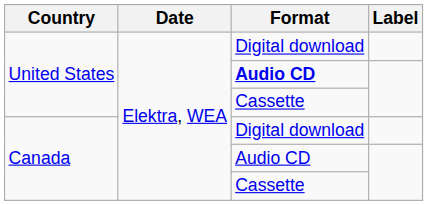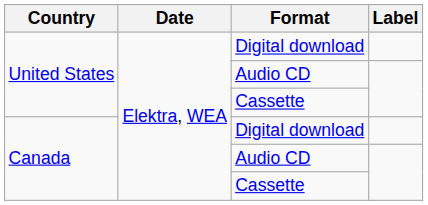 <table class="wikitable plainrowheaders">
 <tr>
 <th scope="col">Country</th>
 <th scope="col">Date</th>
 <th scope="col">Format</th>
 <th scope="col">Label</th>
 </tr>
 <tr>
 <td rowspan="3"><a href='#'>United States</a></td>
 <td rowspan="6"><a href='#'>Elektra</a>, <a href='#'>WEA</a></td>
 <td rowspan="1"><a href='#'>Digital download</a></td>
 <td rowspan="1"></td>
 </tr>
 <tr>
-<td rowspan="1"><strong><a href='#'>Audio CD</a></strong></td>
+<td rowspan="1"><a href='#'>Audio CD</a></td>
 <td rowspan="2"></td>
 </tr>
 <tr>
 <td rowspan="1"><a href='#'>Cassette</a></td>
 </tr>
 <tr>
 <td rowspan="3"><a href='#'>Canada</a></td>
 <td rowspan="1"><a href='#'>Digital download</a></td>
 <td rowspan="1"></td>
 </tr>
 <tr>
 <td rowspan="1"><a href='#'>Audio CD</a></td>
 <td rowspan="2"></td>
 </tr>
 <tr>
 <td rowspan="1"><a href='#'>Cassette</a></td>
 </tr>
 </table>
